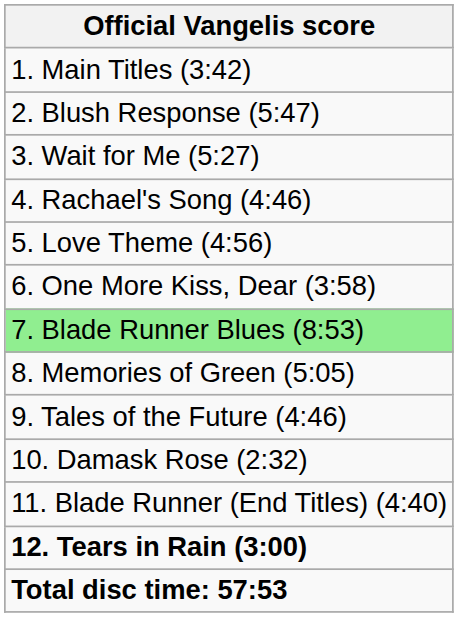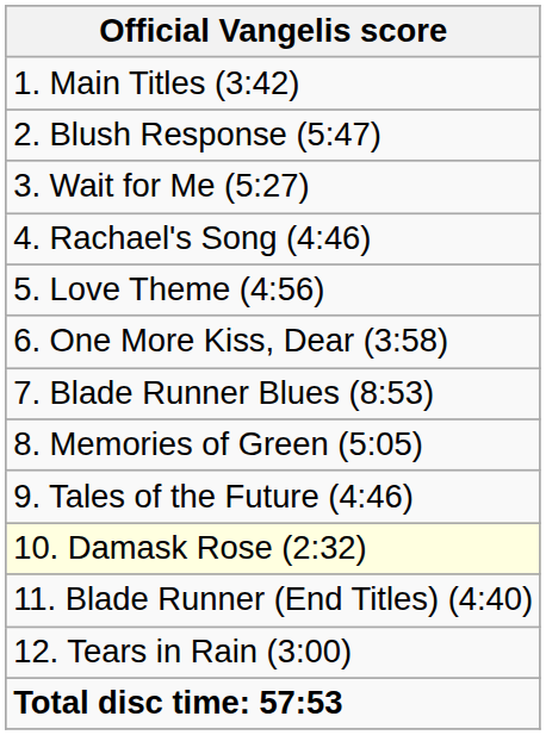 <table class="wikitable">
 <tr>
 <th>Official Vangelis score</th>
 </tr>
 <tr>
 <td>1. Main Titles (3:42)</td>
 </tr>
 <tr>
 <td>2. Blush Response (5:47)</td>
 </tr>
 <tr>
 <td>3. Wait for Me (5:27)</td>
 </tr>
 <tr>
 <td>4. Rachael's Song (4:46)</td>
 </tr>
 <tr>
 <td>5. Love Theme (4:56)</td>
 </tr>
 <tr>
 <td>6. One More Kiss, Dear (3:58)</td>
 </tr>
 <tr>
-<td style="background: lightgreen;">7. Blade Runner Blues (8:53)</td>
+<td>7. Blade Runner Blues (8:53)</td>
 </tr>
 <tr>
 <td>8. Memories of Green (5:05)</td>
 </tr>
 <tr>
 <td>9. Tales of the Future (4:46)</td>
 </tr>
 <tr>
-<td>10. Damask Rose (2:32)</td>
+<td style="background: lightyellow;">10. Damask Rose (2:32)</td>
 </tr>
 <tr>
 <td>11. Blade Runner (End Titles) (4:40)</td>
 </tr>
 <tr>
-<td><strong>12. Tears in Rain (3:00)</strong></td>
+<td>12. Tears in Rain (3:00)</td>
 </tr>
 <tr>
 <td><strong>Total disc time: 57:53</strong></td>
 </tr>
 </table>
